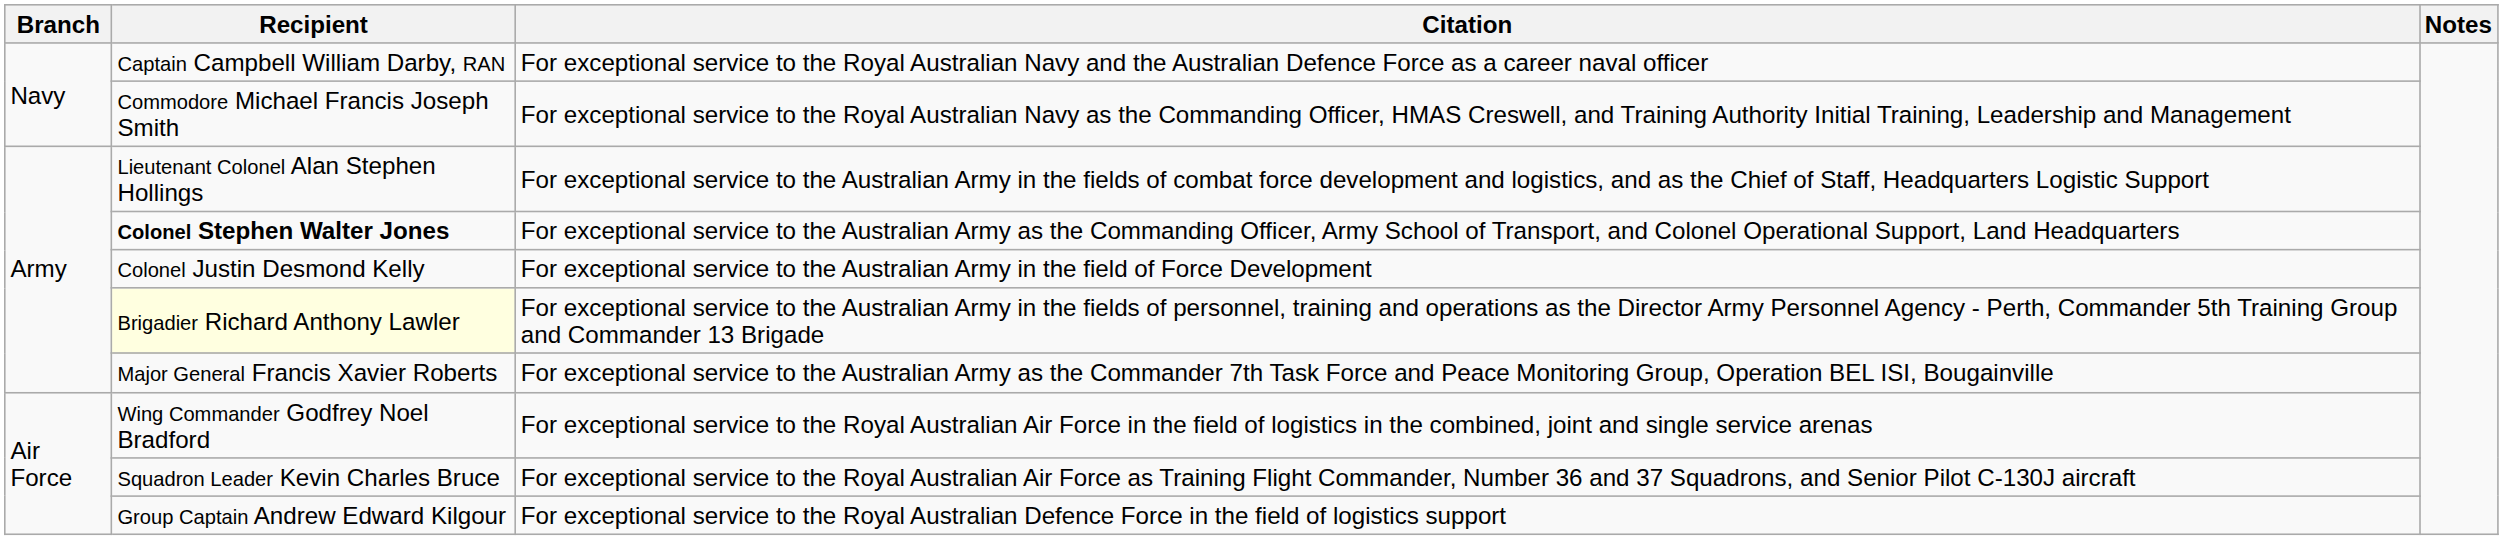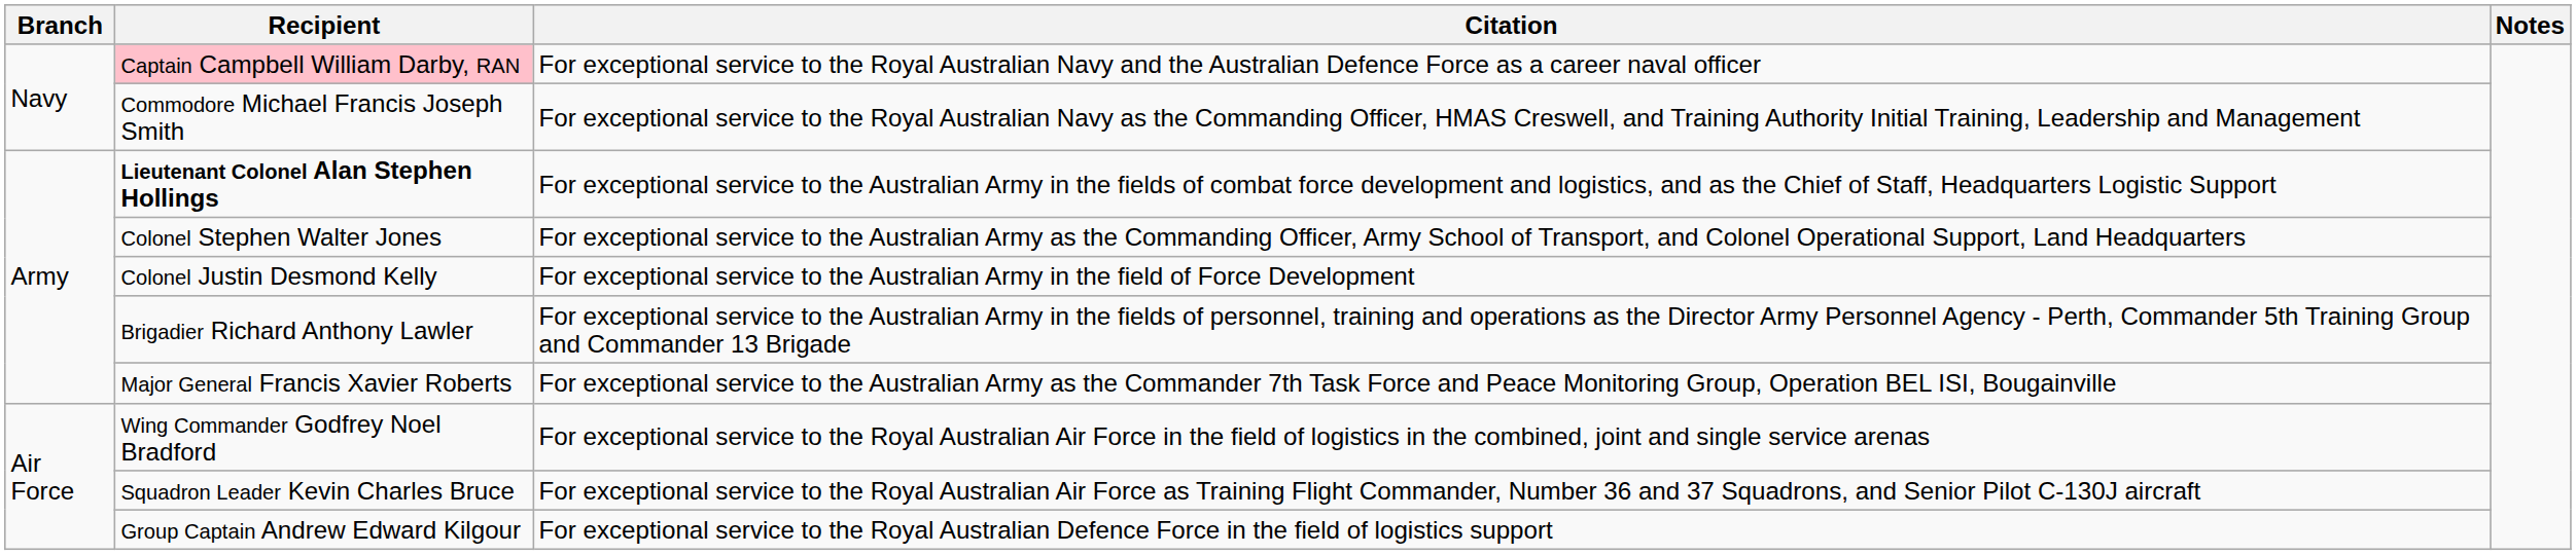 <table class="wikitable" style="font-size:95%;">
 <tr>
 <th>Branch</th>
 <th>Recipient</th>
 <th>Citation</th>
 <th>Notes</th>
 </tr>
 <tr>
 <td rowspan=2>Navy</td>
-<td><small>Captain</small> Campbell William Darby, <small>RAN</small></td>
+<td style="background: pink;"><small>Captain</small> Campbell William Darby, <small>RAN</small></td>
 <td>For exceptional service to the Royal Australian Navy and the Australian Defence Force as a career naval officer</td>
 <td rowspan=10></td>
 </tr>
 <tr>
 <td><small>Commodore</small> Michael Francis Joseph Smith</td>
 <td>For exceptional service to the Royal Australian Navy as the Commanding Officer, HMAS Creswell, and Training Authority Initial Training, Leadership and Management</td>
 </tr>
 <tr>
 <td rowspan=5>Army</td>
-<td><small>Lieutenant Colonel</small> Alan Stephen Hollings</td>
+<td><strong><small>Lieutenant Colonel</small> Alan Stephen Hollings</strong></td>
 <td>For exceptional service to the Australian Army in the fields of combat force development and logistics, and as the Chief of Staff, Headquarters Logistic Support</td>
 </tr>
 <tr>
-<td><strong><small>Colonel</small> Stephen Walter Jones</strong></td>
+<td><small>Colonel</small> Stephen Walter Jones</td>
 <td>For exceptional service to the Australian Army as the Commanding Officer, Army School of Transport, and Colonel Operational Support, Land Headquarters</td>
 </tr>
 <tr>
 <td><small>Colonel</small> Justin Desmond Kelly</td>
 <td>For exceptional service to the Australian Army in the field of Force Development</td>
 </tr>
 <tr>
-<td style="background: lightyellow;"><small>Brigadier</small> Richard Anthony Lawler</td>
+<td><small>Brigadier</small> Richard Anthony Lawler</td>
 <td>For exceptional service to the Australian Army in the fields of personnel, training and operations as the Director Army Personnel Agency - Perth, Commander 5th Training Group and Commander 13 Brigade</td>
 </tr>
 <tr>
 <td><small>Major General</small> Francis Xavier Roberts</td>
 <td>For exceptional service to the Australian Army as the Commander 7th Task Force and Peace Monitoring Group, Operation BEL ISI, Bougainville</td>
 </tr>
 <tr>
 <td rowspan=3>Air Force</td>
 <td><small>Wing Commander</small> Godfrey Noel Bradford</td>
 <td>For exceptional service to the Royal Australian Air Force in the field of logistics in the combined, joint and single service arenas</td>
 </tr>
 <tr>
 <td><small>Squadron Leader</small> Kevin Charles Bruce</td>
 <td>For exceptional service to the Royal Australian Air Force as Training Flight Commander, Number 36 and 37 Squadrons, and Senior Pilot C-130J aircraft</td>
 </tr>
 <tr>
 <td><small>Group Captain</small> Andrew Edward Kilgour</td>
 <td>For exceptional service to the Royal Australian Defence Force in the field of logistics support</td>
 </tr>
 </table>
